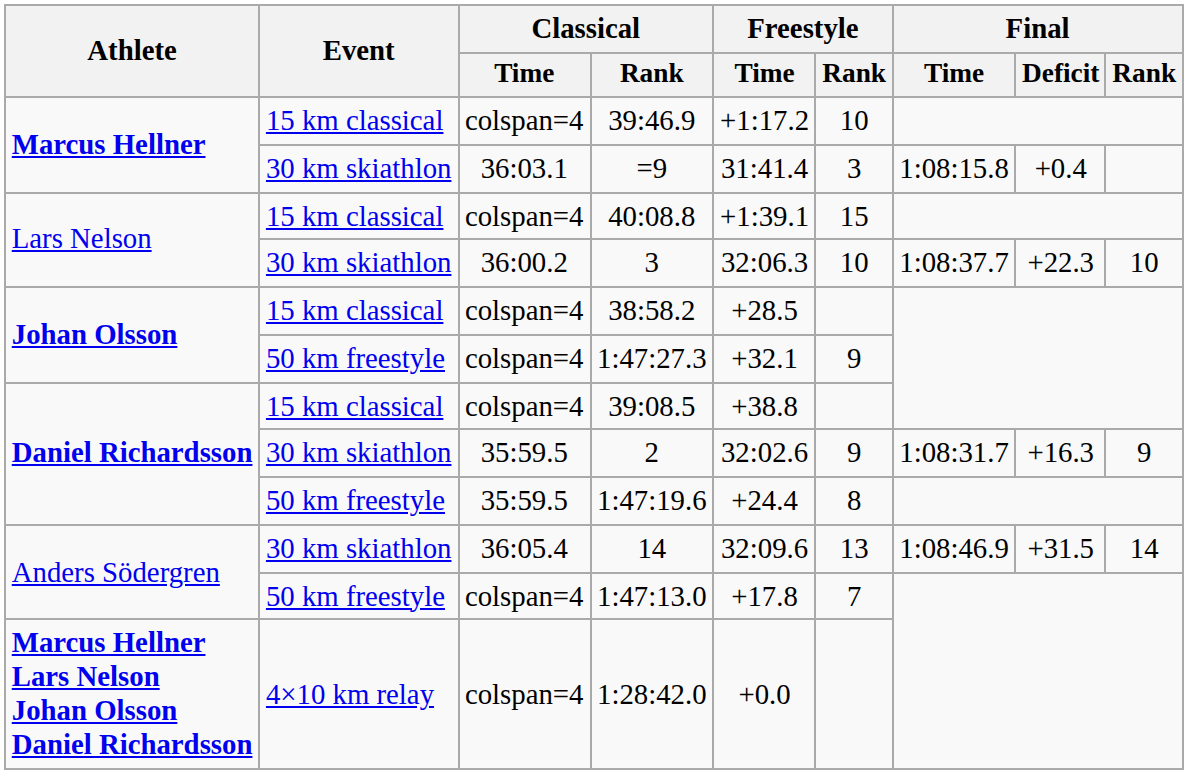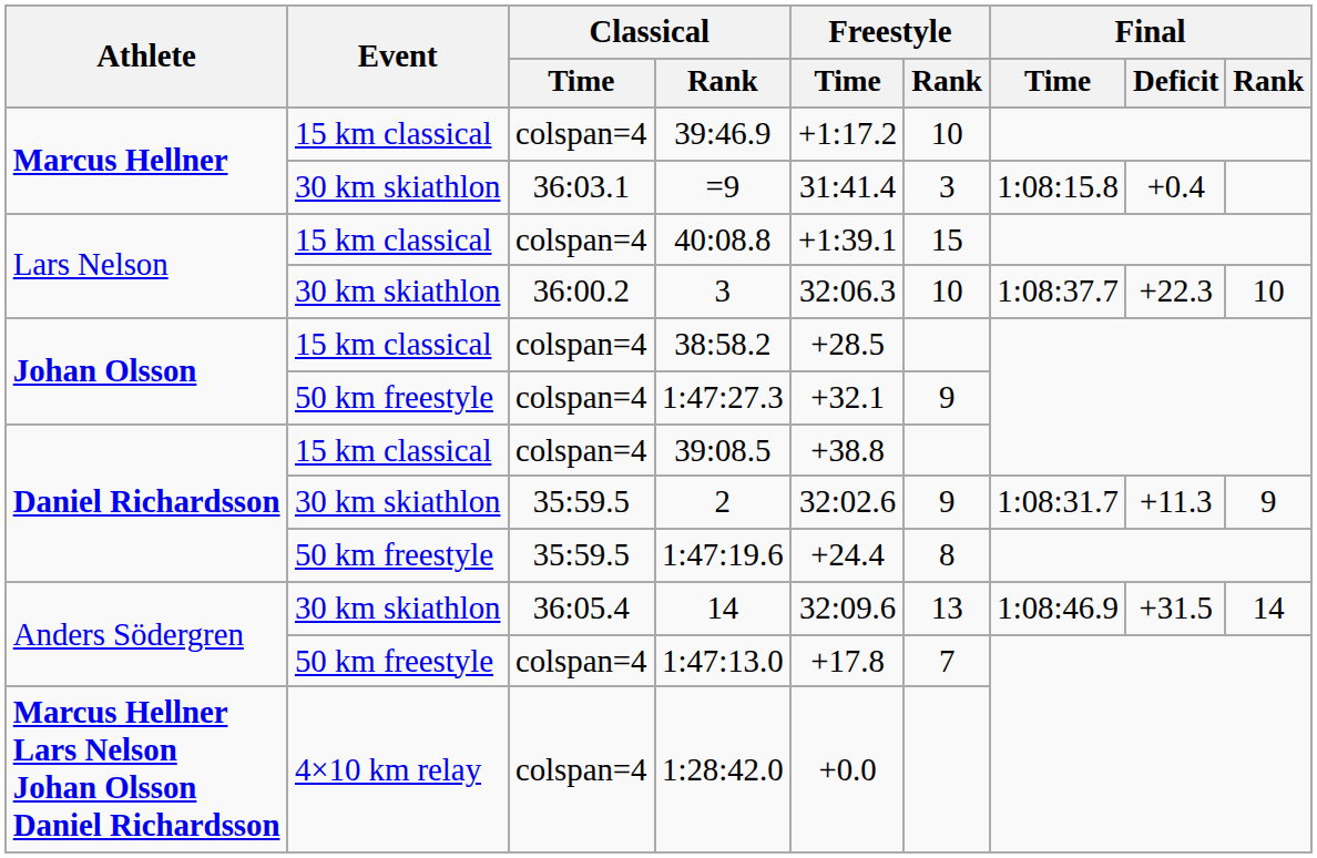 <table class="wikitable" style="font-size:90%">
 <tr>
 <th rowspan=2>Athlete</th>
 <th rowspan=2>Event</th>
 <th colspan=2>Classical</th>
 <th colspan=2>Freestyle</th>
 <th colspan=3>Final</th>
 </tr>
 <tr style="font-size: 95%">
 <th>Time</th>
 <th>Rank</th>
 <th>Time</th>
 <th>Rank</th>
 <th>Time</th>
 <th>Deficit</th>
 <th>Rank</th>
 </tr>
 <tr align=center>
 <td align=left rowspan=2><strong><a href='#'>Marcus Hellner</a></strong></td>
 <td align=left><a href='#'>15 km classical</a></td>
 <td>colspan=4 </td>
 <td>39:46.9</td>
 <td>+1:17.2</td>
 <td>10</td>
 </tr>
 <tr align=center>
 <td align=left><a href='#'>30 km skiathlon</a></td>
 <td>36:03.1</td>
 <td>=9</td>
 <td>31:41.4</td>
 <td>3</td>
 <td>1:08:15.8</td>
 <td>+0.4</td>
 <td></td>
 </tr>
 <tr align=center>
 <td align=left rowspan=2><a href='#'>Lars Nelson</a></td>
 <td align=left><a href='#'>15 km classical</a></td>
 <td>colspan=4 </td>
 <td>40:08.8</td>
 <td>+1:39.1</td>
 <td>15</td>
 </tr>
 <tr align=center>
 <td align=left><a href='#'>30 km skiathlon</a></td>
 <td>36:00.2</td>
 <td>3</td>
 <td>32:06.3</td>
 <td>10</td>
 <td>1:08:37.7</td>
 <td>+22.3</td>
 <td>10</td>
 </tr>
 <tr align=center>
 <td align=left rowspan=2><strong><a href='#'>Johan Olsson</a></strong></td>
 <td align=left><a href='#'>15 km classical</a></td>
 <td>colspan=4 </td>
 <td>38:58.2</td>
 <td>+28.5</td>
 <td></td>
 </tr>
 <tr align=center>
 <td align=left><a href='#'>50 km freestyle</a></td>
 <td>colspan=4 </td>
 <td>1:47:27.3</td>
 <td>+32.1</td>
 <td>9</td>
 </tr>
 <tr align=center>
 <td align=left rowspan=3><strong><a href='#'>Daniel Richardsson</a></strong></td>
 <td align=left><a href='#'>15 km classical</a></td>
 <td>colspan=4 </td>
 <td>39:08.5</td>
 <td>+38.8</td>
 <td></td>
 </tr>
 <tr align=center>
 <td align=left><a href='#'>30 km skiathlon</a></td>
 <td>35:59.5</td>
 <td>2</td>
 <td>32:02.6</td>
 <td>9</td>
 <td>1:08:31.7</td>
-<td>+16.3</td>
+<td>+11.3</td>
 <td>9</td>
 </tr>
 <tr align=center>
 <td align=left><a href='#'>50 km freestyle</a></td>
 <td>35:59.5</td>
 <td>1:47:19.6</td>
 <td>+24.4</td>
 <td>8</td>
 </tr>
 <tr align=center>
 <td align=left rowspan=2><a href='#'>Anders Södergren</a></td>
 <td align=left><a href='#'>30 km skiathlon</a></td>
 <td>36:05.4</td>
 <td>14</td>
 <td>32:09.6</td>
 <td>13</td>
 <td>1:08:46.9</td>
 <td>+31.5</td>
 <td>14</td>
 </tr>
 <tr align=center>
 <td align=left><a href='#'>50 km freestyle</a></td>
 <td>colspan=4 </td>
 <td>1:47:13.0</td>
 <td>+17.8</td>
 <td>7</td>
 </tr>
 <tr align=center>
 <td align=left><strong><a href='#'>Marcus Hellner</a><br><a href='#'>Lars Nelson</a><br><a href='#'>Johan Olsson</a><br><a href='#'>Daniel Richardsson</a></strong></td>
 <td align=left><a href='#'>4×10 km relay</a></td>
 <td>colspan=4 </td>
 <td>1:28:42.0</td>
 <td>+0.0</td>
 <td></td>
 </tr>
 </table>
